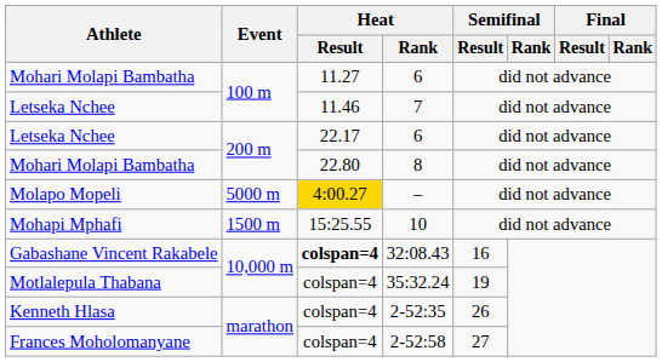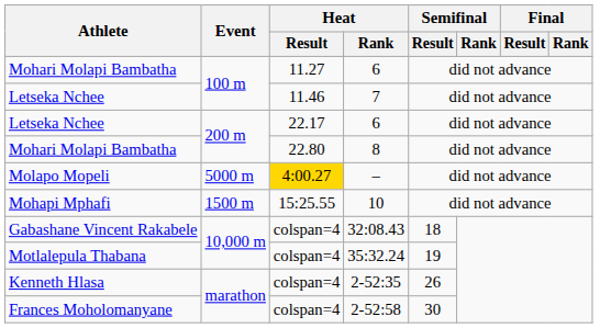 <table class=wikitable style="font-size:90%">
 <tr>
 <th rowspan="2">Athlete</th>
 <th rowspan="2">Event</th>
 <th colspan="2">Heat</th>
 <th colspan="2">Semifinal</th>
 <th colspan="2">Final</th>
 </tr>
 <tr style="font-size:95%">
 <th>Result</th>
 <th>Rank</th>
 <th>Result</th>
 <th>Rank</th>
 <th>Result</th>
 <th>Rank</th>
 </tr>
 <tr align=center>
 <td align=left><a href='#'>Mohari Molapi Bambatha</a></td>
 <td style="text-align:left;" rowspan="2"><a href='#'>100 m</a></td>
 <td>11.27</td>
 <td>6</td>
 <td colspan=4>did not advance</td>
 </tr>
 <tr align=center>
 <td align=left><a href='#'>Letseka Nchee</a></td>
 <td>11.46</td>
 <td>7</td>
 <td colspan=4>did not advance</td>
 </tr>
 <tr align=center>
 <td align=left><a href='#'>Letseka Nchee</a></td>
 <td style="text-align:left;" rowspan="2"><a href='#'>200 m</a></td>
 <td>22.17</td>
 <td>6</td>
 <td colspan=4>did not advance</td>
 </tr>
 <tr align=center>
 <td align=left><a href='#'>Mohari Molapi Bambatha</a></td>
 <td>22.80</td>
 <td>8</td>
 <td colspan=4>did not advance</td>
 </tr>
 <tr align=center>
 <td align=left><a href='#'>Molapo Mopeli</a></td>
 <td style="text-align:left;"><a href='#'>5000 m</a></td>
 <td style="background: gold;">4:00.27</td>
 <td>–</td>
 <td colspan=6>did not advance</td>
 </tr>
 <tr align=center>
 <td align=left><a href='#'>Mohapi Mphafi</a></td>
 <td style="text-align:left;"><a href='#'>1500 m</a></td>
 <td>15:25.55</td>
 <td>10</td>
 <td colspan=6>did not advance</td>
 </tr>
 <tr align=center>
 <td align=left><a href='#'>Gabashane Vincent Rakabele</a></td>
 <td style="text-align:left;" rowspan="2"><a href='#'>10,000 m</a></td>
-<td><strong>colspan=4 </strong></td>
+<td>colspan=4 </td>
 <td>32:08.43</td>
-<td>16</td>
+<td>18</td>
 </tr>
 <tr align=center>
 <td align=left><a href='#'>Motlalepula Thabana</a></td>
 <td>colspan=4 </td>
 <td>35:32.24</td>
 <td>19</td>
 </tr>
 <tr align=center>
 <td align=left><a href='#'>Kenneth Hlasa</a></td>
 <td style="text-align:left;" rowspan="2"><a href='#'>marathon</a></td>
 <td>colspan=4 </td>
 <td>2-52:35</td>
 <td>26</td>
 </tr>
 <tr align=center>
 <td align=left><a href='#'>Frances Moholomanyane</a></td>
 <td>colspan=4 </td>
 <td>2-52:58</td>
-<td>27</td>
+<td>30</td>
 </tr>
 </table>
